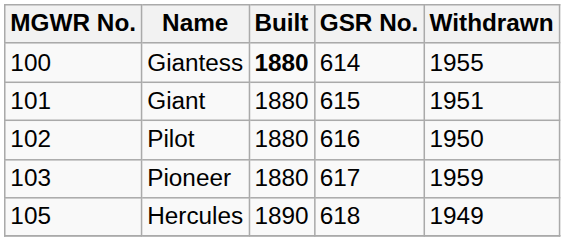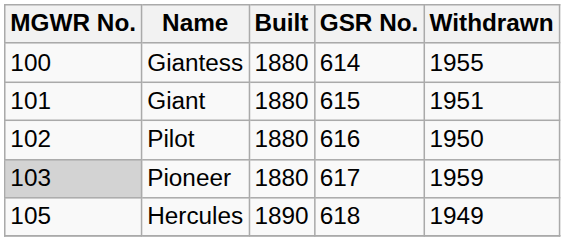 <table class="wikitable">
 <tr>
 <th>MGWR No.</th>
 <th>Name</th>
 <th>Built</th>
 <th>GSR No.</th>
 <th>Withdrawn</th>
 </tr>
 <tr>
 <td>100</td>
 <td>Giantess</td>
-<td><strong>1880</strong></td>
+<td>1880</td>
 <td>614</td>
 <td>1955</td>
 </tr>
 <tr>
 <td>101</td>
 <td>Giant</td>
 <td>1880</td>
 <td>615</td>
 <td>1951</td>
 </tr>
 <tr>
 <td>102</td>
 <td>Pilot</td>
 <td>1880</td>
 <td>616</td>
 <td>1950</td>
 </tr>
 <tr>
-<td>103</td>
+<td style="background: lightgrey;">103</td>
 <td>Pioneer</td>
 <td>1880</td>
 <td>617</td>
 <td>1959</td>
 </tr>
 <tr>
 <td>105</td>
 <td>Hercules</td>
 <td>1890</td>
 <td>618</td>
 <td>1949</td>
 </tr>
 <tr>
 </tr>
 </table>
